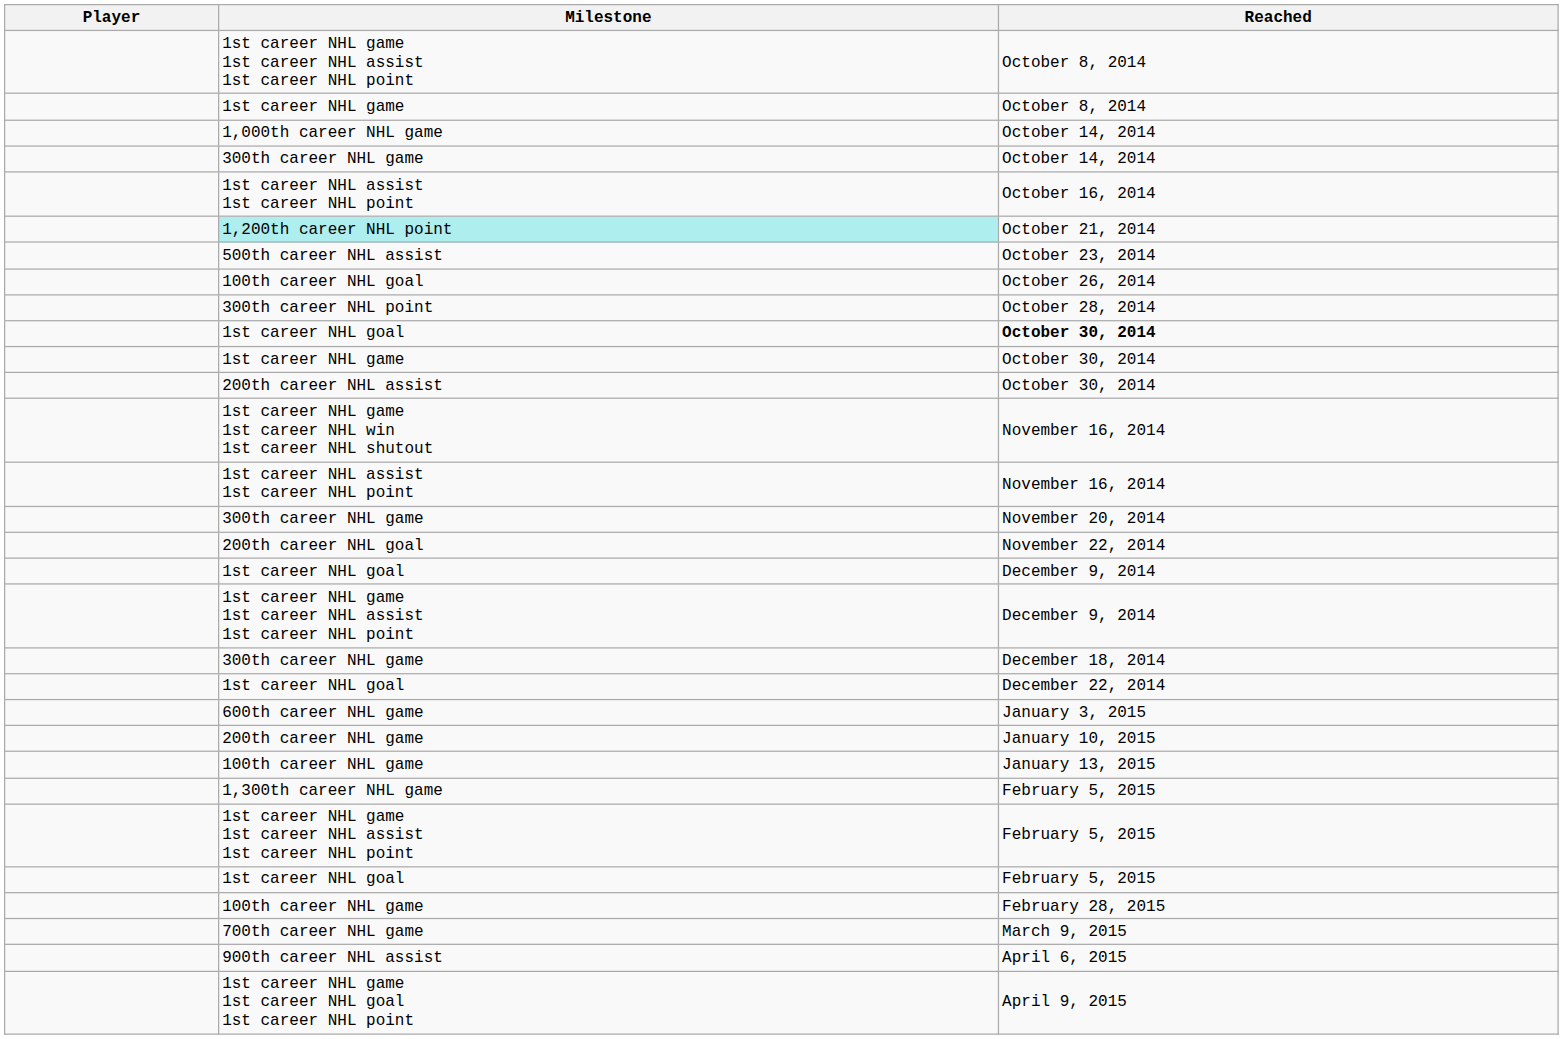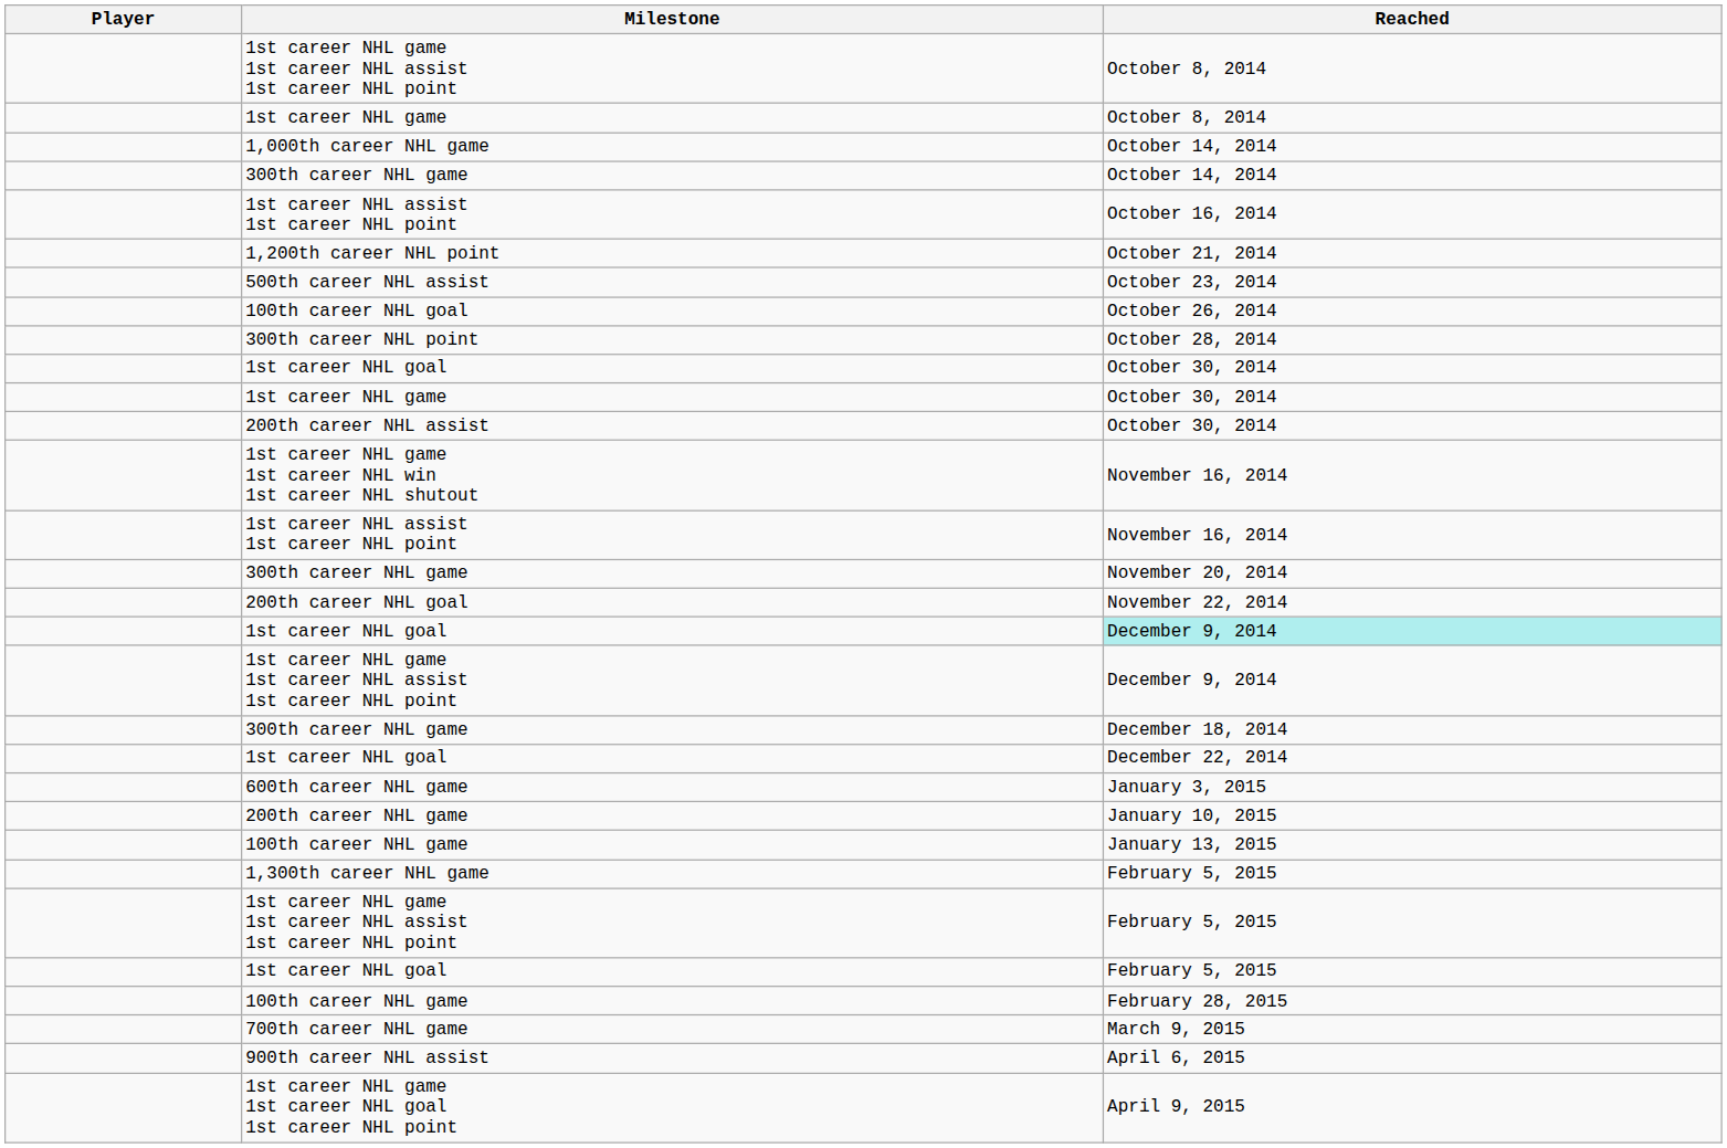 <table class="wikitable sortable" style="width:100%;">
 <tr align=center>
 <th>Player</th>
 <th>Milestone</th>
 <th data-sort-type="date">Reached</th>
 </tr>
 <tr>
 <td></td>
 <td>1st career NHL game<br>1st career NHL assist<br>1st career NHL point</td>
 <td>October 8, 2014</td>
 </tr>
 <tr>
 <td></td>
 <td>1st career NHL game</td>
 <td>October 8, 2014</td>
 </tr>
 <tr>
 <td></td>
 <td>1,000th career NHL game</td>
 <td>October 14, 2014</td>
 </tr>
 <tr>
 <td></td>
 <td>300th career NHL game</td>
 <td>October 14, 2014</td>
 </tr>
 <tr>
 <td></td>
 <td>1st career NHL assist<br>1st career NHL point</td>
 <td>October 16, 2014</td>
 </tr>
 <tr>
 <td></td>
-<td style="background: paleturquoise;">1,200th career NHL point</td>
+<td>1,200th career NHL point</td>
 <td>October 21, 2014</td>
 </tr>
 <tr>
 <td></td>
 <td>500th career NHL assist</td>
 <td>October 23, 2014</td>
 </tr>
 <tr>
 <td></td>
 <td>100th career NHL goal</td>
 <td>October 26, 2014</td>
 </tr>
 <tr>
 <td></td>
 <td>300th career NHL point</td>
 <td>October 28, 2014</td>
 </tr>
 <tr>
 <td></td>
 <td>1st career NHL goal</td>
-<td><strong>October 30, 2014</strong></td>
+<td>October 30, 2014</td>
 </tr>
 <tr>
 <td></td>
 <td>1st career NHL game</td>
 <td>October 30, 2014</td>
 </tr>
 <tr>
 <td></td>
 <td>200th career NHL assist</td>
 <td>October 30, 2014</td>
 </tr>
 <tr>
 <td></td>
 <td>1st career NHL game<br>1st career NHL win<br>1st career NHL shutout</td>
 <td>November 16, 2014</td>
 </tr>
 <tr>
 <td></td>
 <td>1st career NHL assist<br>1st career NHL point</td>
 <td>November 16, 2014</td>
 </tr>
 <tr>
 <td></td>
 <td>300th career NHL game</td>
 <td>November 20, 2014</td>
 </tr>
 <tr>
 <td></td>
 <td>200th career NHL goal</td>
 <td>November 22, 2014</td>
 </tr>
 <tr>
 <td></td>
 <td>1st career NHL goal</td>
-<td>December 9, 2014</td>
+<td style="background: paleturquoise;">December 9, 2014</td>
 </tr>
 <tr>
 <td></td>
 <td>1st career NHL game<br>1st career NHL assist<br>1st career NHL point</td>
 <td>December 9, 2014</td>
 </tr>
 <tr>
 <td></td>
 <td>300th career NHL game</td>
 <td>December 18, 2014</td>
 </tr>
 <tr>
 <td></td>
 <td>1st career NHL goal</td>
 <td>December 22, 2014</td>
 </tr>
 <tr>
 <td></td>
 <td>600th career NHL game</td>
 <td>January 3, 2015</td>
 </tr>
 <tr>
 <td></td>
 <td>200th career NHL game</td>
 <td>January 10, 2015</td>
 </tr>
 <tr>
 <td></td>
 <td>100th career NHL game</td>
 <td>January 13, 2015</td>
 </tr>
 <tr>
 <td></td>
 <td>1,300th career NHL game</td>
 <td>February 5, 2015</td>
 </tr>
 <tr>
 <td></td>
 <td>1st career NHL game<br>1st career NHL assist<br>1st career NHL point</td>
 <td>February 5, 2015</td>
 </tr>
 <tr>
 <td></td>
 <td>1st career NHL goal</td>
 <td>February 5, 2015</td>
 </tr>
 <tr>
 <td></td>
 <td>100th career NHL game</td>
 <td>February 28, 2015</td>
 </tr>
 <tr>
 <td></td>
 <td>700th career NHL game</td>
 <td>March 9, 2015</td>
 </tr>
 <tr>
 <td></td>
 <td>900th career NHL assist</td>
 <td>April 6, 2015</td>
 </tr>
 <tr>
 <td></td>
 <td>1st career NHL game<br>1st career NHL goal<br>1st career NHL point</td>
 <td>April 9, 2015</td>
 </tr>
 </table>
